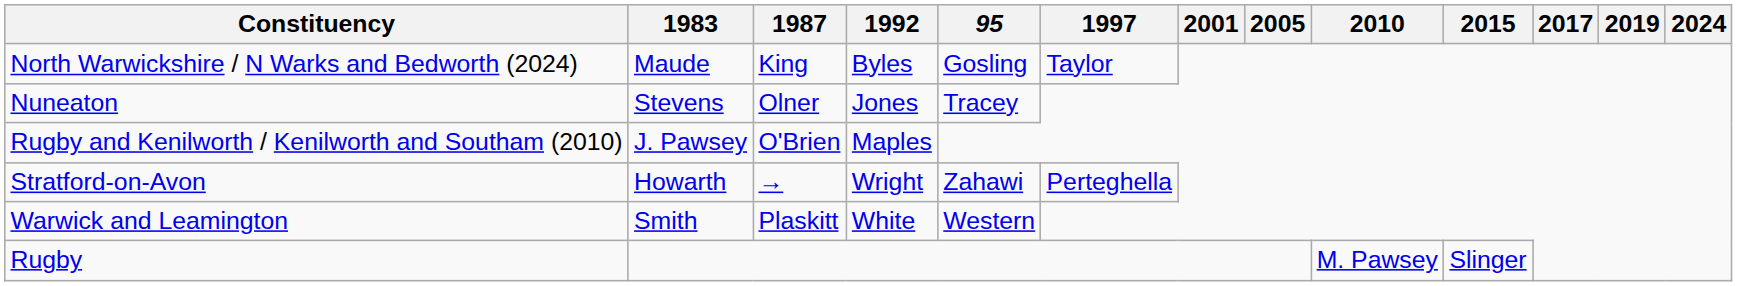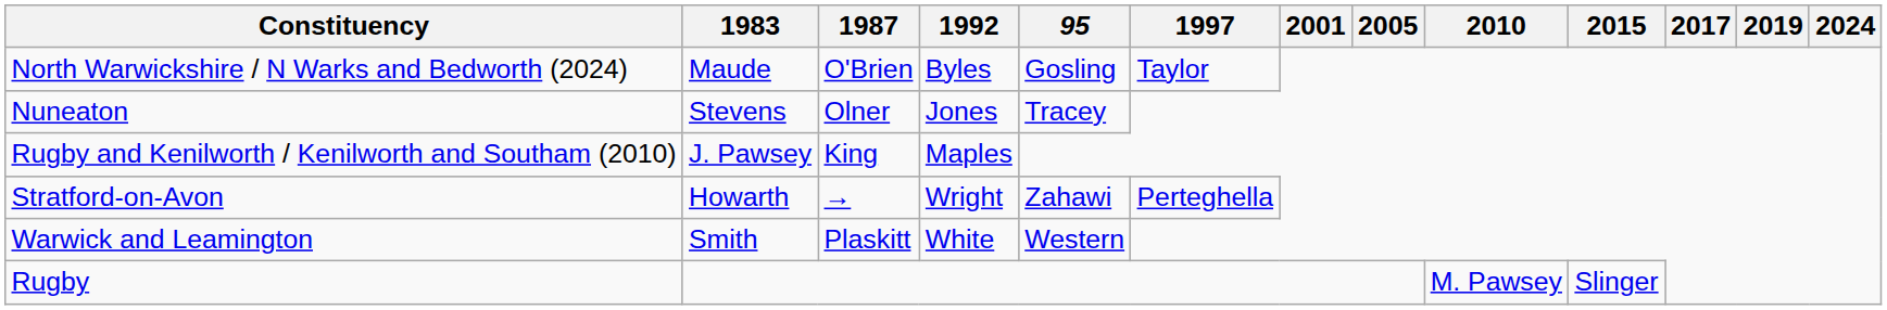 <table class="wikitable">
 <tr>
 <th>Constituency</th>
 <th>1983</th>
 <th>1987</th>
 <th>1992</th>
 <th><em>95</em></th>
 <th>1997</th>
 <th>2001</th>
 <th>2005</th>
 <th>2010</th>
 <th>2015</th>
 <th>2017</th>
 <th>2019</th>
 <th>2024</th>
 </tr>
 <tr>
 <td><a href='#'>North Warwickshire</a> / <a href='#'>N Warks and Bedworth</a> (2024)</td>
 <td><a href='#'>Maude</a></td>
-<td><a href='#'>King</a></td>
+<td><a href='#'>O'Brien</a></td>
 <td><a href='#'>Byles</a></td>
 <td><a href='#'>Gosling</a></td>
 <td><a href='#'>Taylor</a></td>
 </tr>
 <tr>
 <td><a href='#'>Nuneaton</a></td>
 <td><a href='#'>Stevens</a></td>
 <td><a href='#'>Olner</a></td>
 <td><a href='#'>Jones</a></td>
 <td><a href='#'>Tracey</a></td>
 </tr>
 <tr>
 <td><a href='#'>Rugby and Kenilworth</a> / <a href='#'>Kenilworth and Southam</a> (2010)</td>
 <td><a href='#'>J. Pawsey</a></td>
-<td><a href='#'>O'Brien</a></td>
+<td><a href='#'>King</a></td>
 <td><a href='#'>Maples</a></td>
 </tr>
 <tr>
 <td><a href='#'>Stratford-on-Avon</a></td>
 <td><a href='#'>Howarth</a></td>
 <td><a href='#'>→</a></td>
 <td><a href='#'>Wright</a></td>
 <td><a href='#'>Zahawi</a></td>
 <td><a href='#'>Perteghella</a></td>
 </tr>
 <tr>
 <td><a href='#'>Warwick and Leamington</a></td>
 <td><a href='#'>Smith</a></td>
 <td><a href='#'>Plaskitt</a></td>
 <td><a href='#'>White</a></td>
 <td><a href='#'>Western</a></td>
 </tr>
 <tr>
 <td><a href='#'>Rugby</a></td>
 <td colspan="7"></td>
 <td><a href='#'>M. Pawsey</a></td>
 <td><a href='#'>Slinger</a></td>
 </tr>
 </table>
